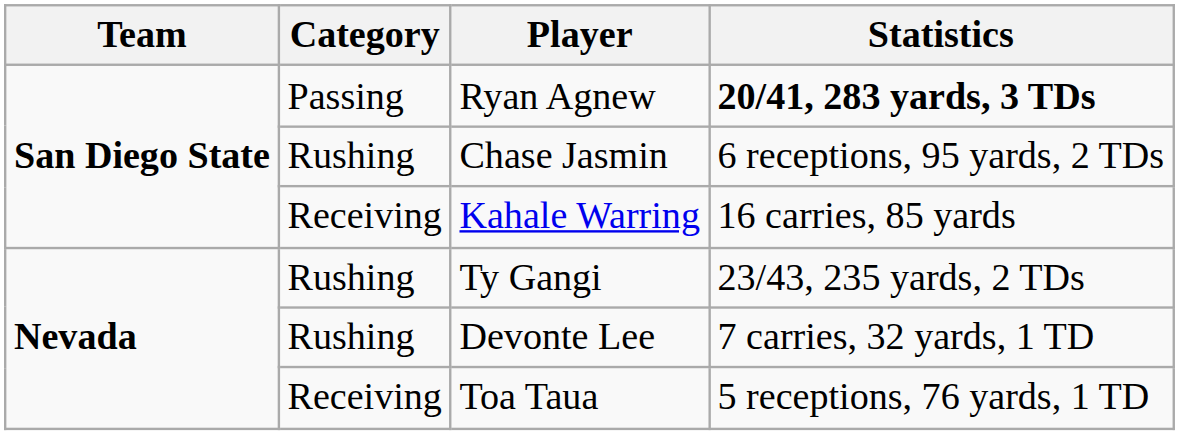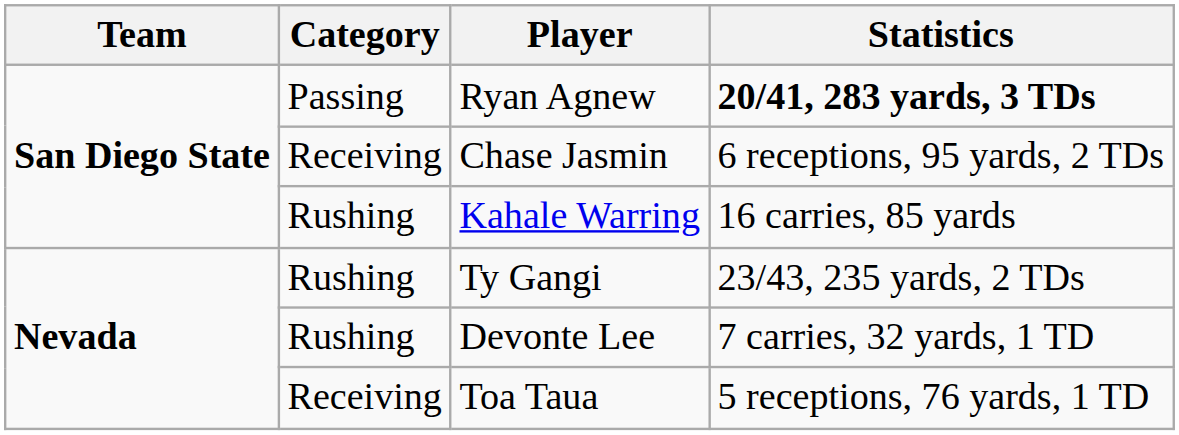 <table class="wikitable" style="float: left;">
 <tr>
 <th>Team</th>
 <th>Category</th>
 <th>Player</th>
 <th>Statistics</th>
 </tr>
 <tr>
 <td rowspan=3><strong>San Diego State</strong></td>
 <td>Passing</td>
 <td>Ryan Agnew</td>
 <td><strong>20/41, 283 yards, 3 TDs</strong></td>
 </tr>
 <tr>
-<td>Rushing</td>
+<td>Receiving</td>
 <td>Chase Jasmin</td>
 <td>6 receptions, 95 yards, 2 TDs</td>
 </tr>
 <tr>
-<td>Receiving</td>
+<td>Rushing</td>
 <td><a href='#'>Kahale Warring</a></td>
 <td>16 carries, 85 yards</td>
 </tr>
 <tr>
 <td rowspan=3><strong>Nevada</strong></td>
 <td>Rushing</td>
 <td>Ty Gangi</td>
 <td>23/43, 235 yards, 2 TDs</td>
 </tr>
 <tr>
 <td>Rushing</td>
 <td>Devonte Lee</td>
 <td>7 carries, 32 yards, 1 TD</td>
 </tr>
 <tr>
 <td>Receiving</td>
 <td>Toa Taua</td>
 <td>5 receptions, 76 yards, 1 TD</td>
 </tr>
 </table>
